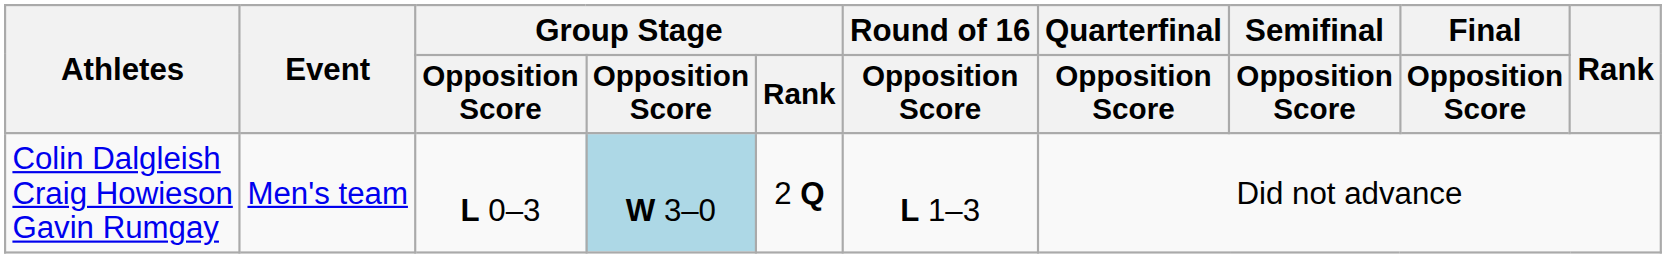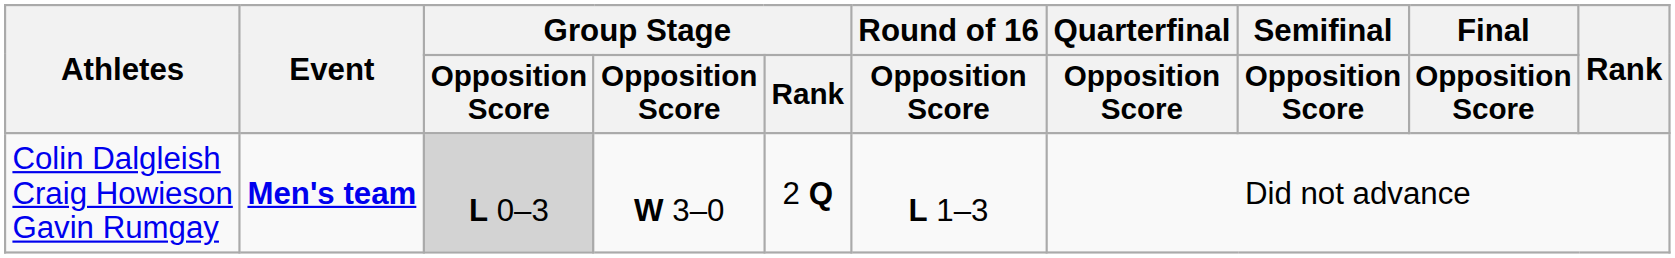 <table class="wikitable" style="font-size:90%">
 <tr>
 <th rowspan=2>Athletes</th>
 <th rowspan=2>Event</th>
 <th colspan=3>Group Stage</th>
 <th>Round of 16</th>
 <th>Quarterfinal</th>
 <th>Semifinal</th>
 <th>Final</th>
 <th rowspan=2>Rank</th>
 </tr>
 <tr style="font-size:95%">
 <th>Opposition<br>Score</th>
 <th>Opposition<br>Score</th>
 <th>Rank</th>
 <th>Opposition<br>Score</th>
 <th>Opposition<br>Score</th>
 <th>Opposition<br>Score</th>
 <th>Opposition<br>Score</th>
 </tr>
 <tr align=center>
 <td align=left><a href='#'>Colin Dalgleish</a><br><a href='#'>Craig Howieson</a><br><a href='#'>Gavin Rumgay</a></td>
-<td align=left><a href='#'>Men's team</a></td>
-<td><br><strong>L</strong> 0–3</td>
-<td style="background: lightblue;"><br><strong>W</strong> 3–0</td>
+<td align=left><strong><a href='#'>Men's team</a></strong></td>
+<td style="background: lightgrey;"><br><strong>L</strong> 0–3</td>
+<td><br><strong>W</strong> 3–0</td>
 <td>2 <strong>Q</strong></td>
 <td><br><strong>L</strong> 1–3</td>
 <td Colspan=4>Did not advance</td>
 </tr>
 </table>
